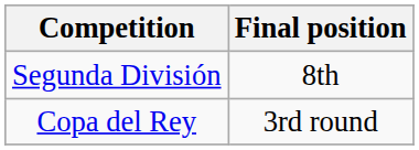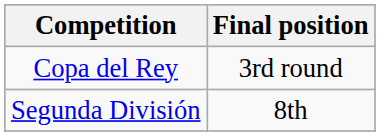 <table class="wikitable" style="font-size:100%; text-align:center">
 <tr>
 <th>Competition</th>
 <th>Final position</th>
 </tr>
 <tr style="background:">
+<td><a href='#'>Copa del Rey</a></td>
+<td>3rd round</td>
+</tr>
+<tr style="background:">
 <td><a href='#'>Segunda División</a></td>
 <td>8th</td>
 </tr>
-<tr style="background:">
-<td><a href='#'>Copa del Rey</a></td>
-<td>3rd round</td>
-</tr>
 </table>
